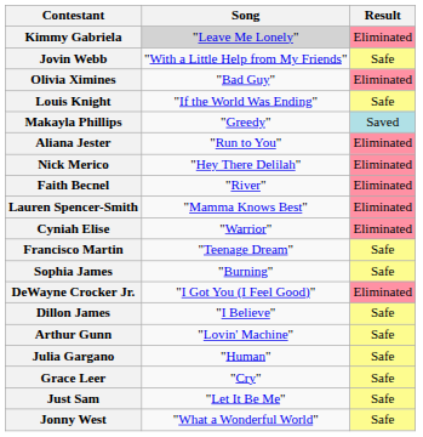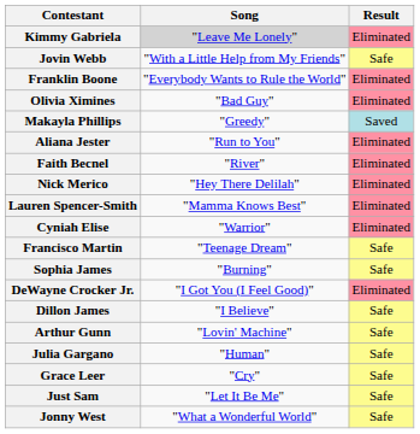 <table class="wikitable" style="text-align:center">
 <tr>
 <th scope="col">Contestant</th>
 <th scope="col">Song</th>
 <th scope="col">Result</th>
 </tr>
 <tr>
 <th scope="row">Kimmy Gabriela</th>
 <td style="background: lightgrey;">"<a href='#'>Leave Me Lonely</a>"</td>
 <td style="background:#FF91A4;">Eliminated</td>
 </tr>
 <tr>
 <th scope="row">Jovin Webb</th>
 <td>"<a href='#'>With a Little Help from My Friends</a>"</td>
 <td style="background:#FDFC8F;">Safe</td>
 </tr>
 <tr>
+<th scope="row">Franklin Boone</th>
+<td>"<a href='#'>Everybody Wants to Rule the World</a>"</td>
+<td style="background:#FF91A4;">Eliminated</td>
+</tr>
+<tr>
 <th scope="row">Olivia Ximines</th>
 <td>"<a href='#'>Bad Guy</a>"</td>
 <td style="background:#FF91A4;">Eliminated</td>
-</tr>
-<tr>
-<th scope="row">Louis Knight</th>
-<td>"<a href='#'>If the World Was Ending</a>"</td>
-<td style="background:#FDFC8F;">Safe</td>
 </tr>
 <tr>
 <th scope="row">Makayla Phillips</th>
 <td>"<a href='#'>Greedy</a>"</td>
 <td style="background:#B0E0E6">Saved</td>
 </tr>
 <tr>
 <th scope="row">Aliana Jester</th>
 <td>"<a href='#'>Run to You</a>"</td>
 <td style="background:#FF91A4;">Eliminated</td>
 </tr>
 <tr>
-<th scope="row">Nick Merico</th>
-<td>"<a href='#'>Hey There Delilah</a>"</td>
+<th scope="row">Faith Becnel</th>
+<td>"<a href='#'>River</a>"</td>
 <td style="background:#FF91A4;">Eliminated</td>
 </tr>
 <tr>
-<th scope="row">Faith Becnel</th>
-<td>"<a href='#'>River</a>"</td>
+<th scope="row">Nick Merico</th>
+<td>"<a href='#'>Hey There Delilah</a>"</td>
 <td style="background:#FF91A4;">Eliminated</td>
 </tr>
 <tr>
 <th scope="row">Lauren Spencer-Smith</th>
 <td>"<a href='#'>Mamma Knows Best</a>"</td>
 <td style="background:#FF91A4;">Eliminated</td>
 </tr>
 <tr>
 <th scope="row">Cyniah Elise</th>
 <td>"<a href='#'>Warrior</a>"</td>
 <td style="background:#FF91A4;">Eliminated</td>
 </tr>
 <tr>
 <th scope="row">Francisco Martin</th>
 <td>"<a href='#'>Teenage Dream</a>"</td>
 <td style="background:#FDFC8F;">Safe</td>
 </tr>
 <tr>
 <th scope="row">Sophia James</th>
 <td>"<a href='#'>Burning</a>"</td>
 <td style="background:#FDFC8F;">Safe</td>
 </tr>
 <tr>
 <th scope="row">DeWayne Crocker Jr.</th>
 <td>"<a href='#'>I Got You (I Feel Good)</a>"</td>
 <td style="background:#FF91A4;">Eliminated</td>
 </tr>
 <tr>
 <th scope="row">Dillon James</th>
 <td>"<a href='#'>I Believe</a>"</td>
 <td style="background:#FDFC8F;">Safe</td>
 </tr>
 <tr>
 <th scope="row">Arthur Gunn</th>
 <td>"<a href='#'>Lovin' Machine</a>"</td>
 <td style="background:#FDFC8F;">Safe</td>
 </tr>
 <tr>
 <th scope="row">Julia Gargano</th>
 <td>"<a href='#'>Human</a>"</td>
 <td style="background:#FDFC8F;">Safe</td>
 </tr>
 <tr>
 <th scope="row">Grace Leer</th>
 <td>"<a href='#'>Cry</a>"</td>
 <td style="background:#FDFC8F;">Safe</td>
 </tr>
 <tr>
 <th scope="row">Just Sam</th>
 <td>"<a href='#'>Let It Be Me</a>"</td>
 <td style="background:#FDFC8F;">Safe</td>
 </tr>
 <tr>
 <th scope="row">Jonny West</th>
 <td>"<a href='#'>What a Wonderful World</a>"</td>
 <td style="background:#FDFC8F;">Safe</td>
 </tr>
 </table>
